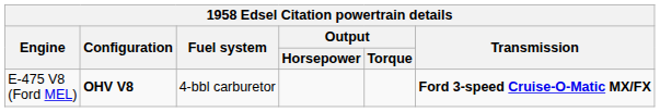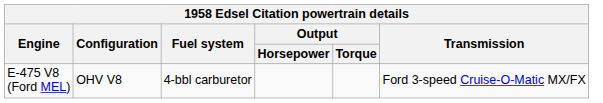 <table class="wikitable">
 <tr>
 <th colspan="6">1958 Edsel Citation powertrain details</th>
 </tr>
 <tr>
 <th rowspan="2">Engine</th>
 <th rowspan="2">Configuration</th>
 <th rowspan="2">Fuel system</th>
 <th colspan="2">Output</th>
 <th rowspan="2">Transmission</th>
 </tr>
 <tr>
 <th>Horsepower</th>
 <th>Torque</th>
 </tr>
 <tr>
 <td>E-475 V8<br>(Ford <a href='#'>MEL</a>)</td>
-<td><strong> OHV V8</strong></td>
+<td> OHV V8</td>
 <td>4-bbl carburetor</td>
 <td></td>
 <td></td>
-<td><strong>Ford 3-speed <a href='#'>Cruise-O-Matic</a> MX/FX</strong></td>
+<td>Ford 3-speed <a href='#'>Cruise-O-Matic</a> MX/FX</td>
 </tr>
 </table>
